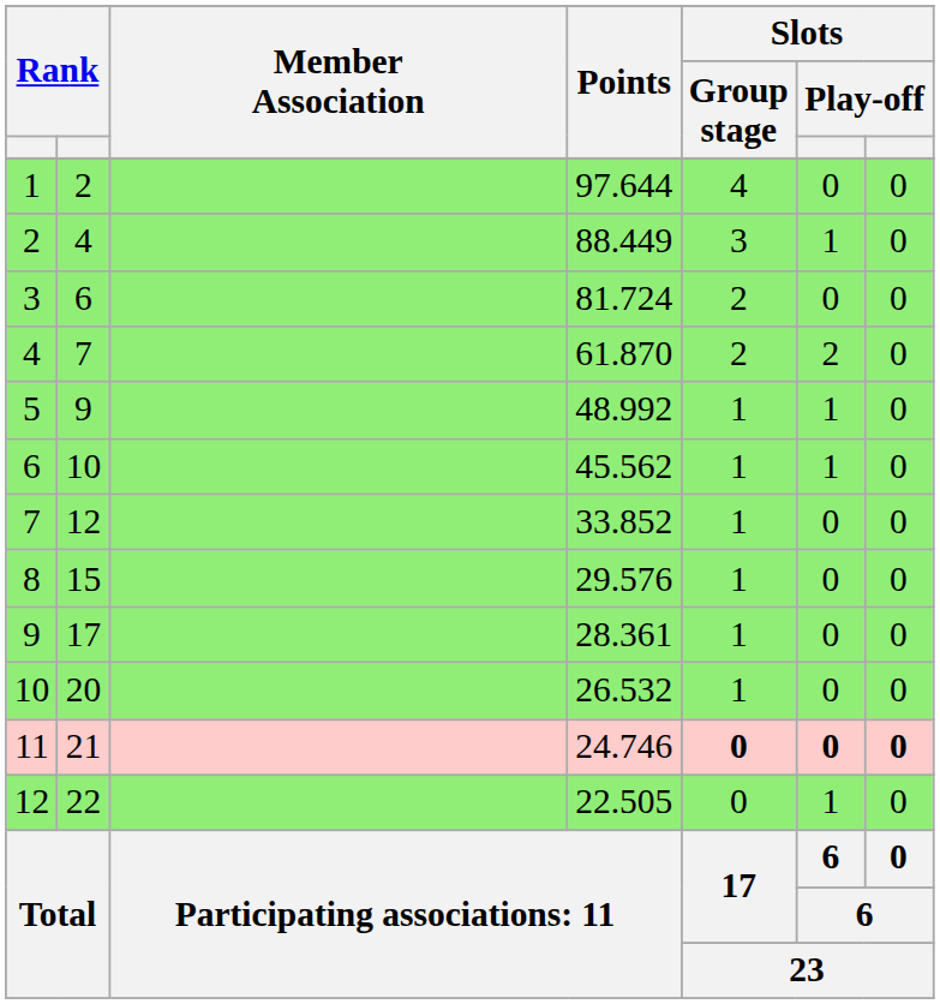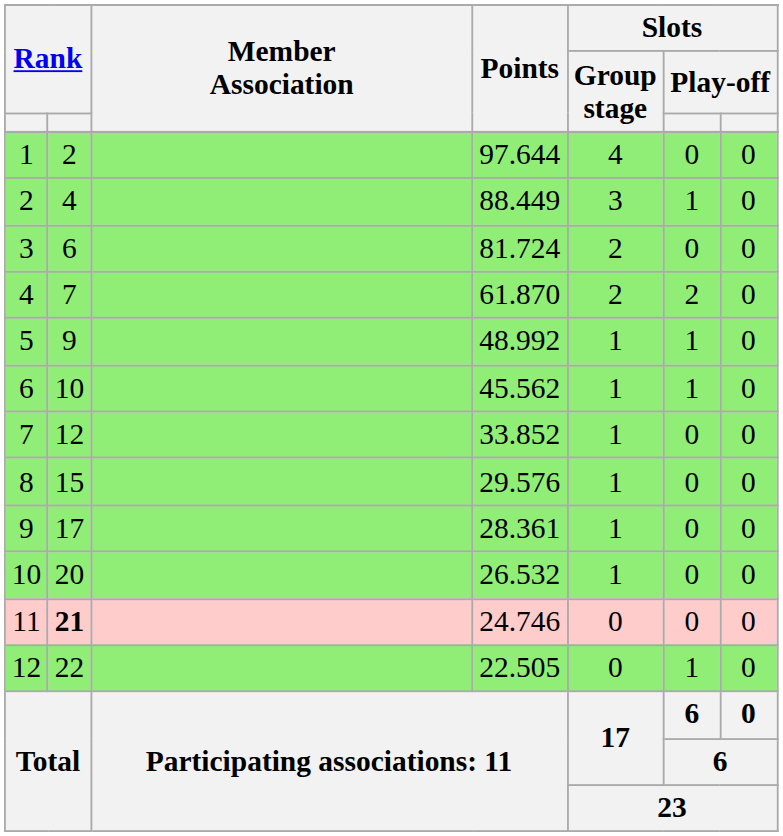 <table class="wikitable" style="text-align:center">
 <tr>
 </tr>
 <tr>
 <th colspan=2 rowspan=2><a href='#'>Rank</a></th>
 <th rowspan=3 width=200>Member<br>Association</th>
 <th rowspan=3>Points</th>
 <th colspan=4>Slots</th>
 </tr>
 <tr>
 <th rowspan=2>Group<br>stage</th>
 <th colspan=2>Play-off</th>
 </tr>
 <tr>
 <th></th>
 <th></th>
 <th></th>
 <th></th>
 </tr>
 <tr>
 </tr>
 <tr bgcolor=#90ee77>
 <td>1</td>
 <td>2</td>
 <td align=left></td>
 <td>97.644</td>
 <td>4</td>
 <td>0</td>
 <td>0</td>
 </tr>
 <tr bgcolor=#90ee77>
 <td>2</td>
 <td>4</td>
 <td align=left></td>
 <td>88.449</td>
 <td>3</td>
 <td>1</td>
 <td>0</td>
 </tr>
 <tr bgcolor=#90ee77>
 <td>3</td>
 <td>6</td>
 <td align=left></td>
 <td>81.724</td>
 <td>2</td>
 <td>0</td>
 <td>0</td>
 </tr>
 <tr bgcolor=#90ee77>
 <td>4</td>
 <td>7</td>
 <td align=left></td>
 <td>61.870</td>
 <td>2</td>
 <td>2</td>
 <td>0</td>
 </tr>
 <tr bgcolor=#90ee77>
 <td>5</td>
 <td>9</td>
 <td align=left></td>
 <td>48.992</td>
 <td>1</td>
 <td>1</td>
 <td>0</td>
 </tr>
 <tr bgcolor=#90ee77>
 <td>6</td>
 <td>10</td>
 <td align=left></td>
 <td>45.562</td>
 <td>1</td>
 <td>1</td>
 <td>0</td>
 </tr>
 <tr bgcolor=#90ee77>
 <td>7</td>
 <td>12</td>
 <td align=left></td>
 <td>33.852</td>
 <td>1</td>
 <td>0</td>
 <td>0</td>
 </tr>
 <tr bgcolor=#90ee77>
 <td>8</td>
 <td>15</td>
 <td align=left></td>
 <td>29.576</td>
 <td>1</td>
 <td>0</td>
 <td>0</td>
 </tr>
 <tr bgcolor=90ee77>
 <td>9</td>
 <td>17</td>
 <td align=left></td>
 <td>28.361</td>
 <td>1</td>
 <td>0</td>
 <td>0</td>
 </tr>
 <tr bgcolor=#90ee77>
 <td>10</td>
 <td>20</td>
 <td align=left></td>
 <td>26.532</td>
 <td>1</td>
 <td>0</td>
 <td>0</td>
 </tr>
 <tr bgcolor=#ffcccc>
 <td>11</td>
-<td>21</td>
+<td><strong>21</strong></td>
 <td align=left></td>
 <td>24.746</td>
-<td><strong>0</strong></td>
-<td><strong>0</strong></td>
-<td><strong>0</strong></td>
+<td>0</td>
+<td>0</td>
+<td>0</td>
 </tr>
 <tr bgcolor=#90ee77>
 <td>12</td>
 <td>22</td>
 <td align=left></td>
 <td>22.505</td>
 <td>0</td>
 <td>1</td>
 <td>0</td>
 </tr>
 <tr>
 <th colspan=2 rowspan=3>Total</th>
 <th colspan=2 rowspan=3>Participating associations: 11</th>
 <th rowspan=2>17</th>
 <th>6</th>
 <th>0</th>
 </tr>
 <tr>
 <th colspan=2>6</th>
 </tr>
 <tr>
 <th colspan=3>23</th>
 </tr>
 </table>
